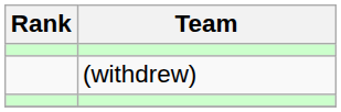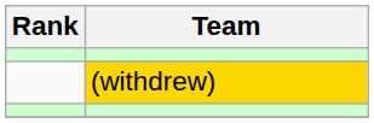 <table class=wikitable style="text-align:center;">
 <tr>
 <th>Rank</th>
 <th width=160>Team</th>
 </tr>
 <tr bgcolor=#CCFFCC>
 <td></td>
 <td align=left></td>
 </tr>
 <tr>
 <td></td>
-<td align=left> (withdrew)</td>
+<td align=left style="background: gold;"> (withdrew)</td>
 </tr>
 <tr bgcolor=ccffcc>
 <td></td>
 <td align=left></td>
 </tr>
 <tr>
 </tr>
 </table>
